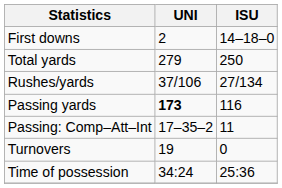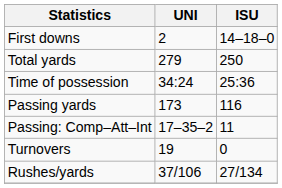 <table class="wikitable" style="float: left;">
 <tr>
 <th>Statistics</th>
 <th>UNI</th>
 <th>ISU</th>
 </tr>
 <tr>
 <td>First downs</td>
 <td>2</td>
 <td>14–18–0</td>
 </tr>
 <tr>
 <td>Total yards</td>
 <td>279</td>
 <td>250</td>
 </tr>
 <tr>
-<td>Rushes/yards</td>
-<td>37/106</td>
-<td>27/134</td>
+<td>Time of possession</td>
+<td>34:24</td>
+<td>25:36</td>
 </tr>
 <tr>
 <td>Passing yards</td>
-<td><strong>173</strong></td>
+<td>173</td>
 <td>116</td>
 </tr>
 <tr>
 <td>Passing: Comp–Att–Int</td>
 <td>17–35–2</td>
 <td>11</td>
 </tr>
 <tr>
 <td>Turnovers</td>
 <td>19</td>
 <td>0</td>
 </tr>
 <tr>
-<td>Time of possession</td>
-<td>34:24</td>
-<td>25:36</td>
+<td>Rushes/yards</td>
+<td>37/106</td>
+<td>27/134</td>
 </tr>
 <tr>
 </tr>
 </table>
